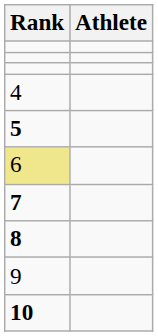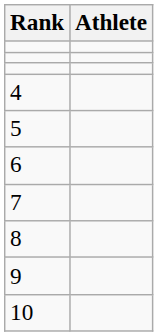 <table class="wikitable" style="text-align:left">
 <tr>
 <th>Rank</th>
 <th>Athlete</th>
 </tr>
 <tr>
 <td></td>
 <td align="left"></td>
 </tr>
 <tr>
 <td></td>
 <td align="left"></td>
 </tr>
 <tr>
 <td></td>
 <td align="left"></td>
 </tr>
 <tr>
 <td>4</td>
 <td align="left"></td>
 </tr>
 <tr>
-<td><strong>5</strong></td>
+<td>5</td>
 <td align="left"></td>
 </tr>
 <tr>
-<td style="background: khaki;">6</td>
+<td>6</td>
 <td align="left"></td>
 </tr>
 <tr>
-<td><strong>7</strong></td>
+<td>7</td>
 <td align="left"></td>
 </tr>
 <tr>
-<td><strong>8</strong></td>
+<td>8</td>
 <td align="left"></td>
 </tr>
 <tr>
 <td>9</td>
 <td align="left"></td>
 </tr>
 <tr>
-<td><strong>10</strong></td>
+<td>10</td>
 <td align="left"></td>
 </tr>
 </table>
